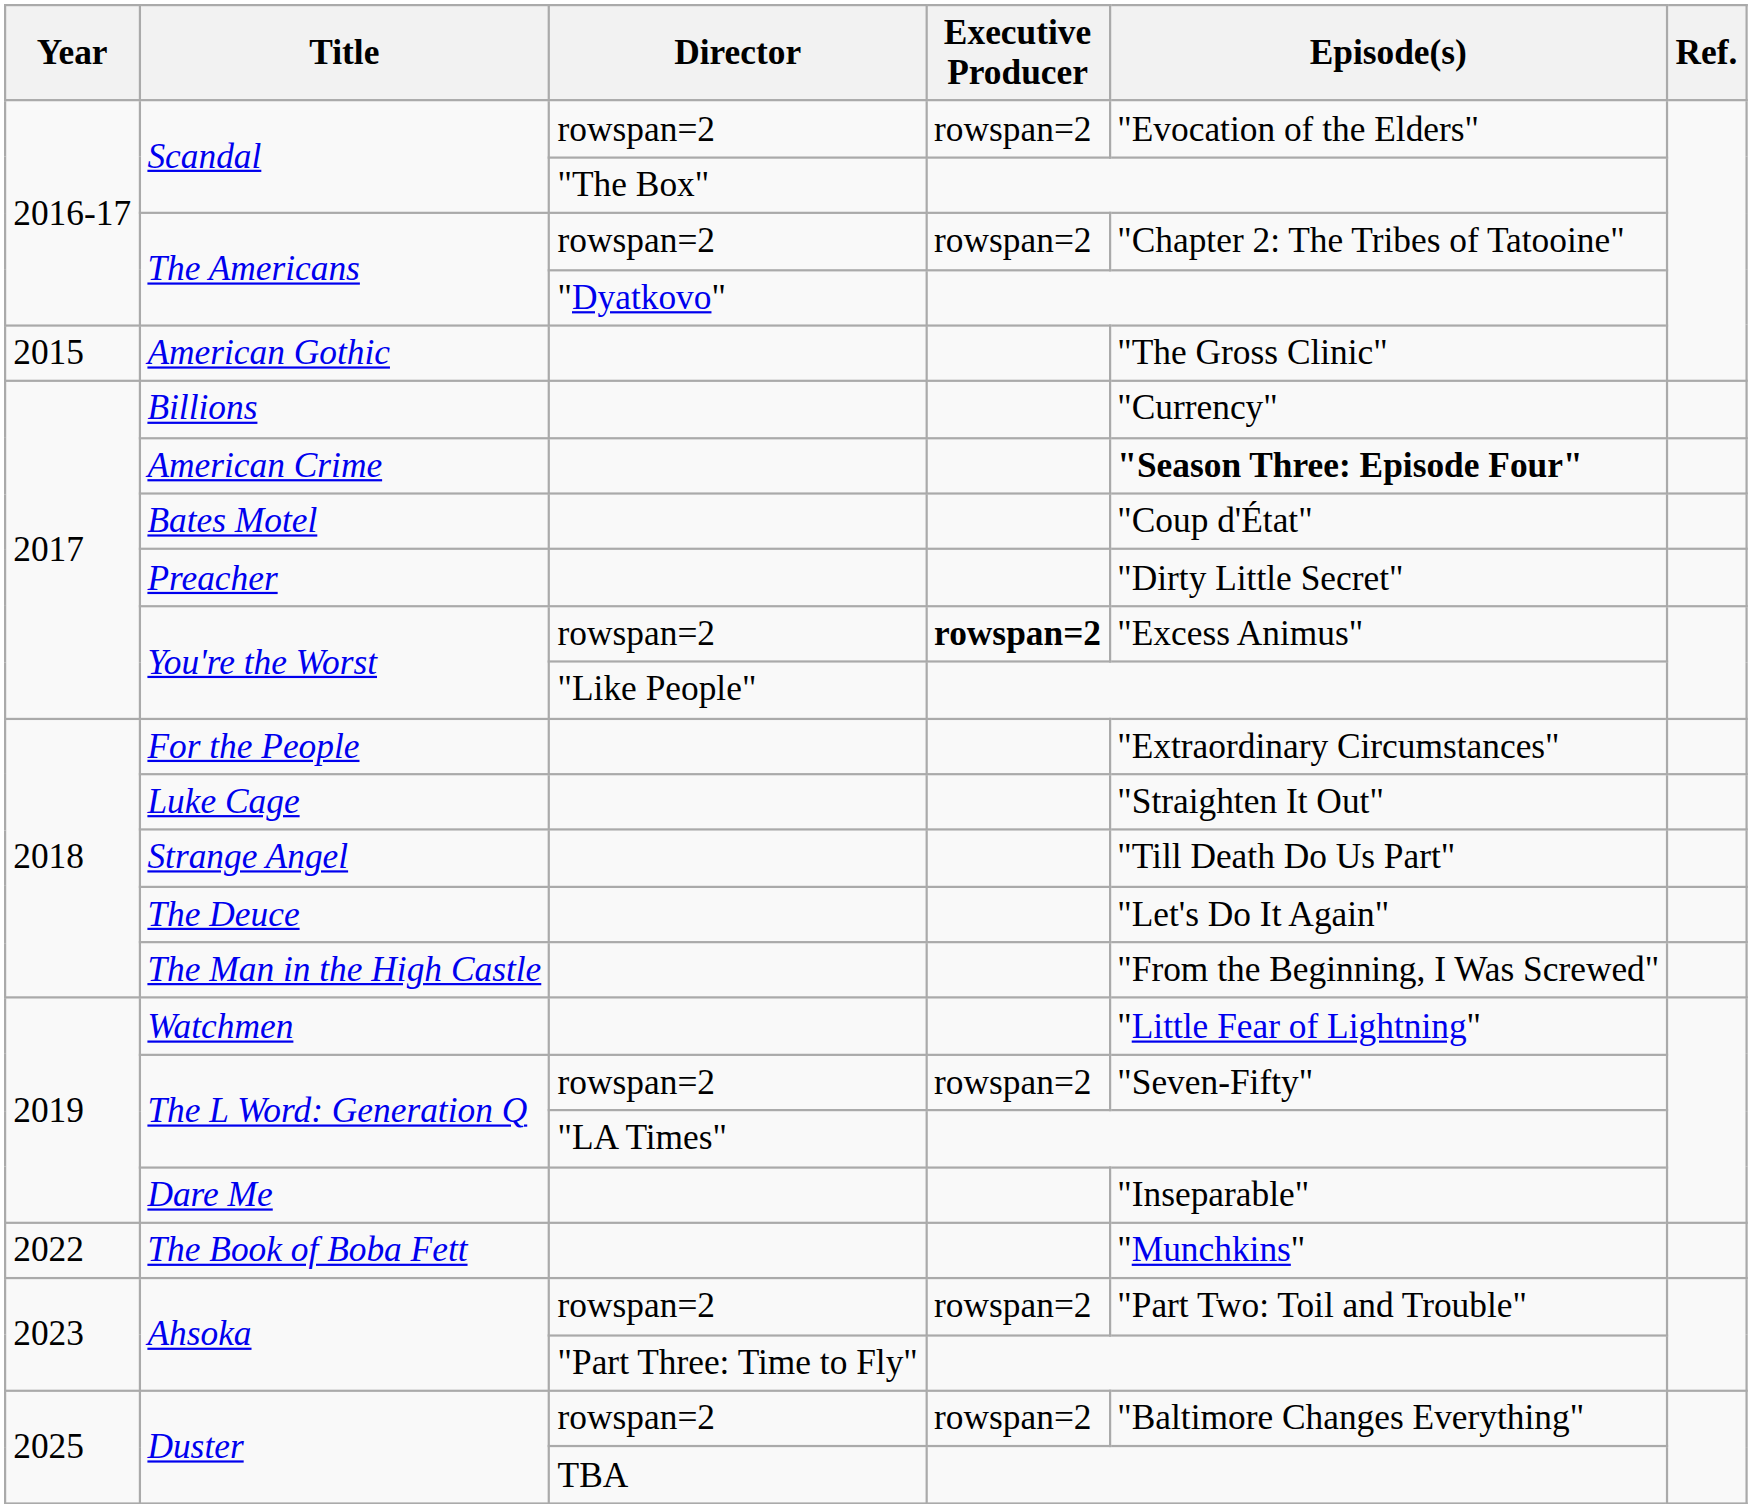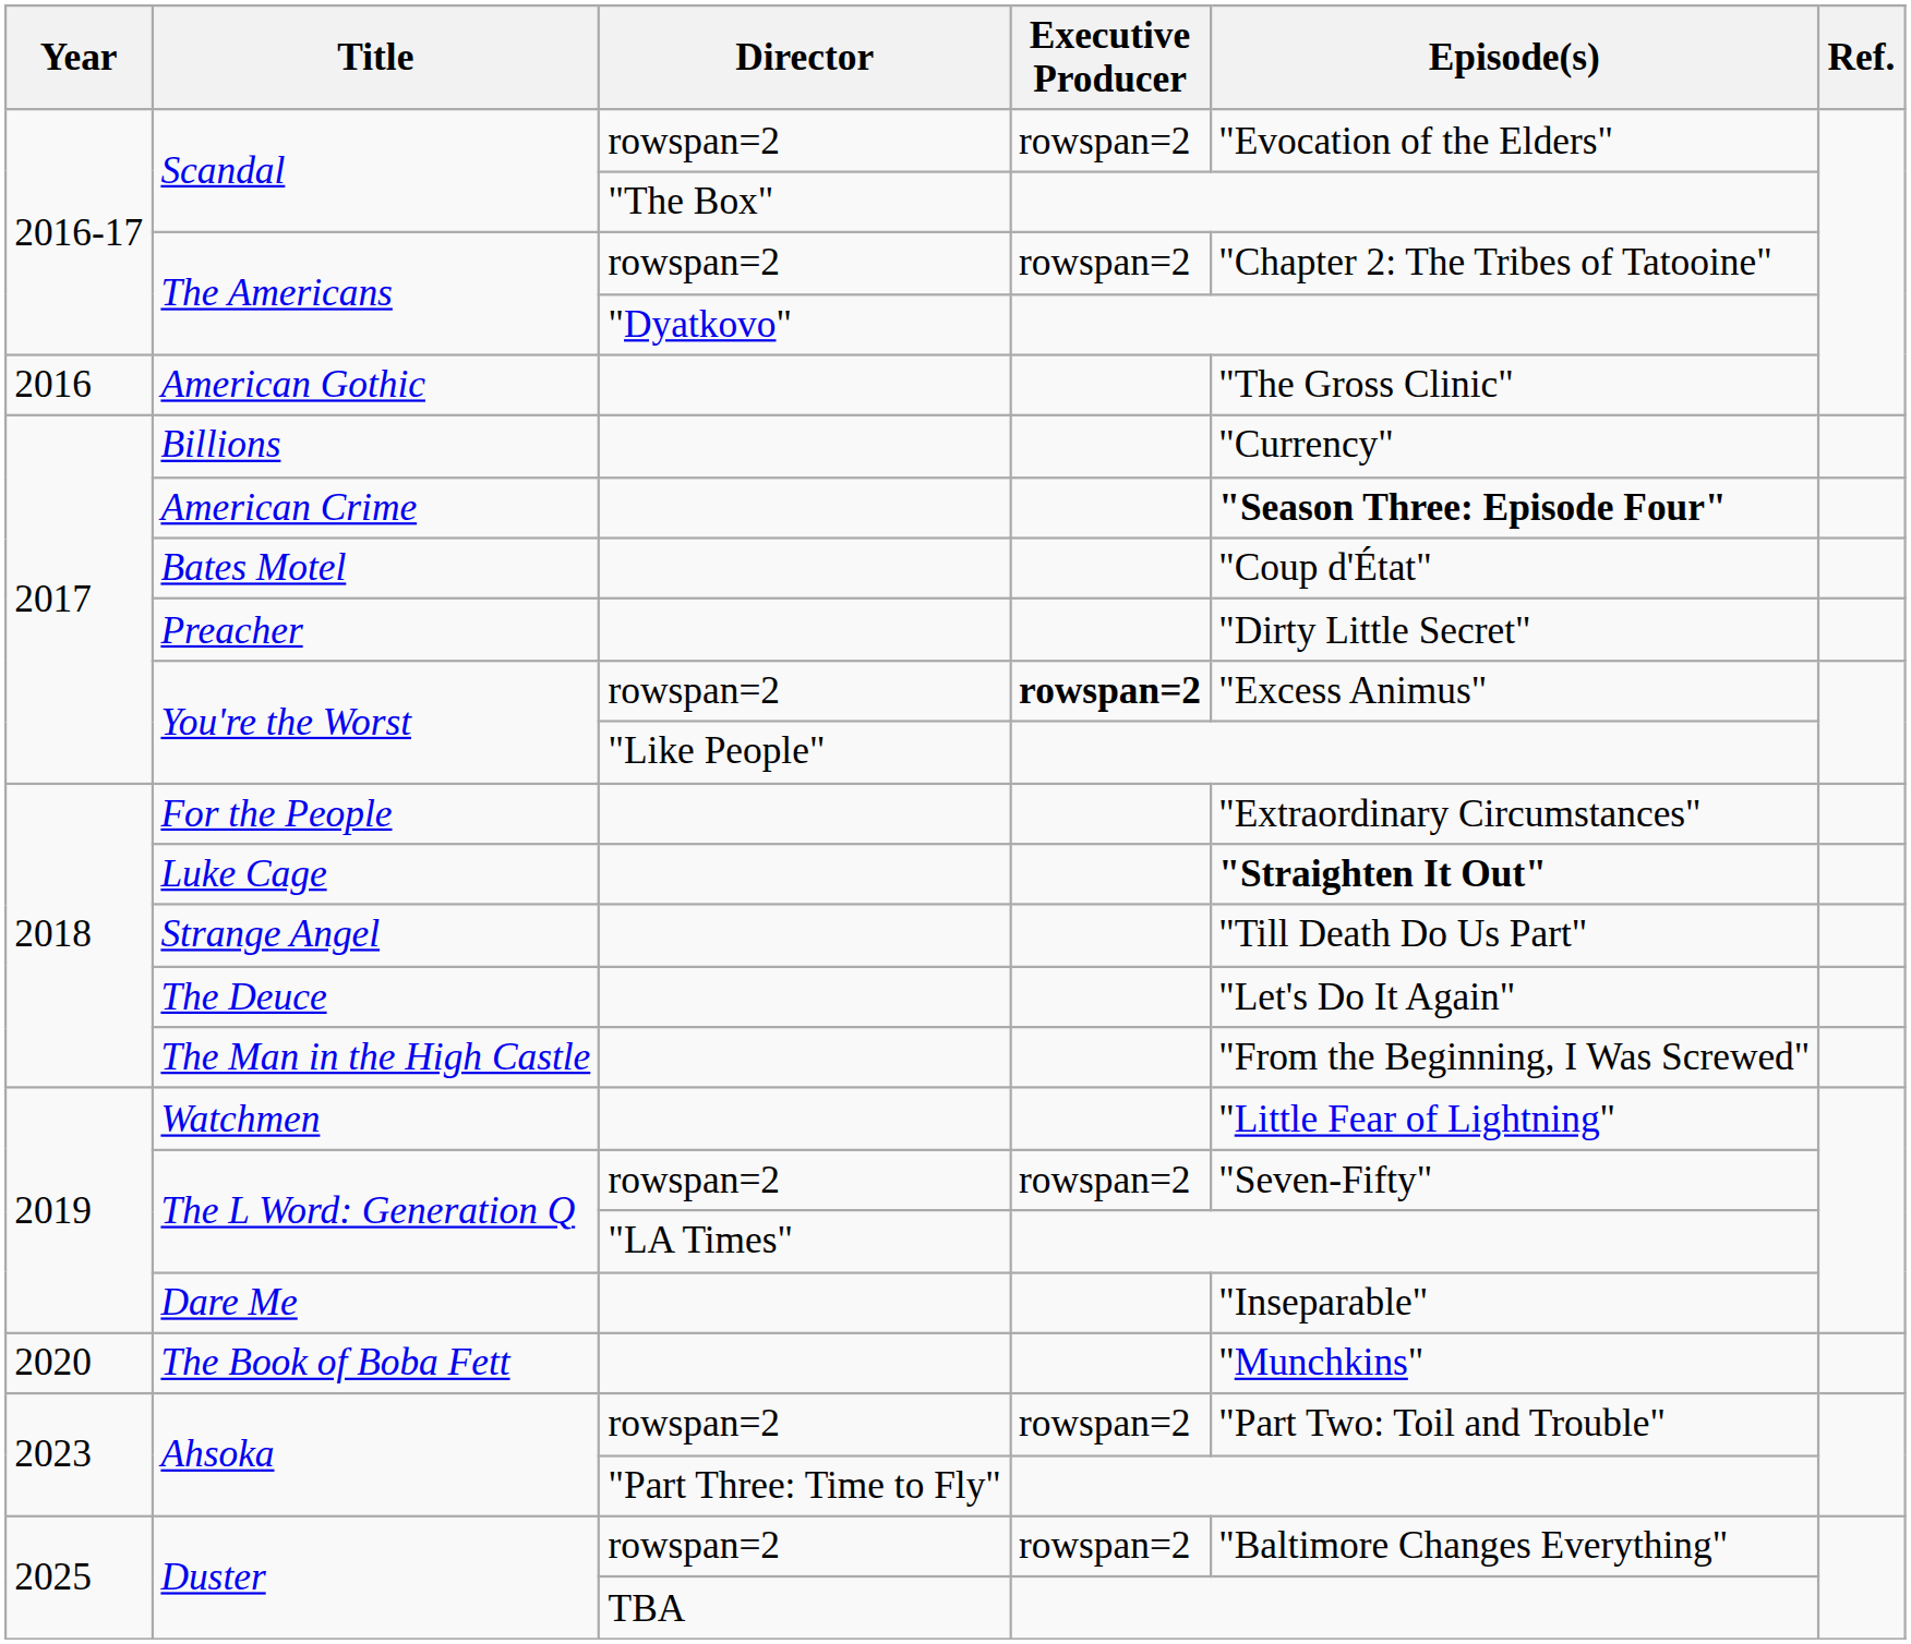 <table class="wikitable">
 <tr>
 <th>Year</th>
 <th>Title</th>
 <th>Director</th>
 <th>Executive<br>Producer</th>
 <th>Episode(s)</th>
 <th>Ref.</th>
 </tr>
 <tr>
 <td rowspan=4>2016-17</td>
 <td rowspan=2><em><a href='#'>Scandal</a></em></td>
 <td>rowspan=2 </td>
 <td>rowspan=2 </td>
 <td>"Evocation of the Elders"</td>
 <td rowspan=5></td>
 </tr>
 <tr>
 <td>"The Box"</td>
 </tr>
 <tr>
 <td rowspan=2><em><a href='#'>The Americans</a></em></td>
 <td>rowspan=2 </td>
 <td>rowspan=2 </td>
 <td>"Chapter 2: The Tribes of Tatooine"</td>
 </tr>
 <tr>
 <td>"<a href='#'>Dyatkovo</a>"</td>
 </tr>
 <tr>
-<td>2015</td>
+<td>2016</td>
 <td><em><a href='#'>American Gothic</a></em></td>
 <td></td>
 <td></td>
 <td>"The Gross Clinic"</td>
 </tr>
 <tr>
 <td rowspan=6>2017</td>
 <td><em><a href='#'>Billions</a></em></td>
 <td></td>
 <td></td>
 <td>"Currency"</td>
 <td></td>
 </tr>
 <tr>
 <td><em><a href='#'>American Crime</a></em></td>
 <td></td>
 <td></td>
 <td><strong>"Season Three: Episode Four"</strong></td>
 <td></td>
 </tr>
 <tr>
 <td><em><a href='#'>Bates Motel</a></em></td>
 <td></td>
 <td></td>
 <td>"Coup d'État"</td>
 <td></td>
 </tr>
 <tr>
 <td><em><a href='#'>Preacher</a></em></td>
 <td></td>
 <td></td>
 <td>"Dirty Little Secret"</td>
 <td></td>
 </tr>
 <tr>
 <td rowspan=2><em><a href='#'>You're the Worst</a></em></td>
 <td>rowspan=2 </td>
 <td><strong>rowspan=2 </strong></td>
 <td>"Excess Animus"</td>
 <td rowspan=2></td>
 </tr>
 <tr>
 <td>"Like People"</td>
 </tr>
 <tr>
 <td rowspan=5>2018</td>
 <td><em><a href='#'>For the People</a></em></td>
 <td></td>
 <td></td>
 <td>"Extraordinary Circumstances"</td>
 <td></td>
 </tr>
 <tr>
 <td><em><a href='#'>Luke Cage</a></em></td>
 <td></td>
 <td></td>
-<td>"Straighten It Out"</td>
+<td><strong>"Straighten It Out"</strong></td>
 <td></td>
 </tr>
 <tr>
 <td><em><a href='#'>Strange Angel</a></em></td>
 <td></td>
 <td></td>
 <td>"Till Death Do Us Part"</td>
 <td></td>
 </tr>
 <tr>
 <td><em><a href='#'>The Deuce</a></em></td>
 <td></td>
 <td></td>
 <td>"Let's Do It Again"</td>
 <td></td>
 </tr>
 <tr>
 <td><em><a href='#'>The Man in the High Castle</a></em></td>
 <td></td>
 <td></td>
 <td>"From the Beginning, I Was Screwed"</td>
 <td></td>
 </tr>
 <tr>
 <td rowspan=4>2019</td>
 <td><em><a href='#'>Watchmen</a></em></td>
 <td></td>
 <td></td>
 <td>"<a href='#'>Little Fear of Lightning</a>"</td>
 <td rowspan=4></td>
 </tr>
 <tr>
 <td rowspan=2><em><a href='#'>The L Word: Generation Q</a></em></td>
 <td>rowspan=2 </td>
 <td>rowspan=2 </td>
 <td>"Seven-Fifty"</td>
 </tr>
 <tr>
 <td>"LA Times"</td>
 </tr>
 <tr>
 <td><em><a href='#'>Dare Me</a></em></td>
 <td></td>
 <td></td>
 <td>"Inseparable"</td>
 </tr>
 <tr>
-<td>2022</td>
+<td>2020</td>
 <td><em><a href='#'>The Book of Boba Fett</a></em></td>
 <td></td>
 <td></td>
 <td>"<a href='#'>Munchkins</a>"</td>
 <td></td>
 </tr>
 <tr>
 <td rowspan=2>2023</td>
 <td rowspan=2><em><a href='#'>Ahsoka</a></em></td>
 <td>rowspan=2 </td>
 <td>rowspan=2 </td>
 <td>"Part Two: Toil and Trouble"</td>
 <td rowspan=2></td>
 </tr>
 <tr>
 <td>"Part Three: Time to Fly"</td>
 </tr>
 <tr>
 <td rowspan=2>2025</td>
 <td rowspan=2><em><a href='#'>Duster</a></em></td>
 <td>rowspan=2 </td>
 <td>rowspan=2 </td>
 <td>"Baltimore Changes Everything"</td>
 <td rowspan=2></td>
 </tr>
 <tr>
 <td>TBA</td>
 </tr>
 </table>
